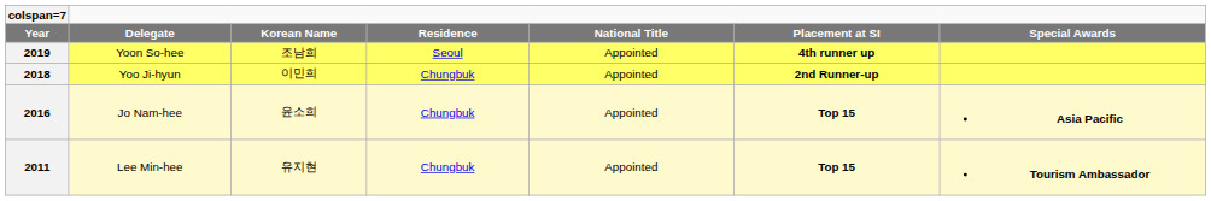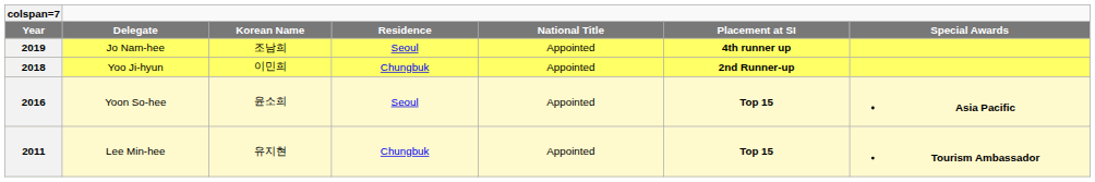 <table class="wikitable sortable" style="font-size: 85%; text-align:center">
 <tr>
 <th>colspan=7 </th>
 </tr>
 <tr>
 <th width="60" style="background-color:#787878;color:#FFFFFF;">Year</th>
 <th width="180" style="background-color:#787878;color:#FFFFFF;">Delegate</th>
 <th width="150" style="background-color:#787878;color:#FFFFFF;">Korean Name</th>
 <th width="180" style="background-color:#787878;color:#FFFFFF;">Residence</th>
 <th width="230" style="background-color:#787878;color:#FFFFFF;">National Title</th>
 <th width="230" style="background-color:#787878;color:#FFFFFF;">Placement at SI</th>
 <th width="300" style="background-color:#787878;color:#FFFFFF;">Special Awards</th>
 </tr>
 <tr style="background-color:#FFFF66;">
 <th>2019</th>
-<td>Yoon So-hee</td>
+<td>Jo Nam-hee</td>
 <td>조남희</td>
 <td><a href='#'>Seoul</a></td>
 <td>Appointed</td>
 <td><strong>4th runner up</strong></td>
 <td></td>
 </tr>
 <tr style="background-color:#FFFF66;">
 <th>2018</th>
 <td>Yoo Ji-hyun</td>
 <td>이민희</td>
 <td><a href='#'>Chungbuk</a></td>
 <td>Appointed</td>
 <td><strong>2nd Runner-up</strong></td>
 <td></td>
 </tr>
 <tr style="background-color:#FFFACD;">
 <th>2016</th>
-<td>Jo Nam-hee</td>
+<td>Yoon So-hee</td>
 <td>윤소희</td>
-<td><a href='#'>Chungbuk</a></td>
+<td><a href='#'>Seoul</a></td>
 <td>Appointed</td>
 <td><strong>Top 15</strong></td>
 <td><br><ul><li><strong>Asia Pacific</strong></li></ul></td>
 </tr>
 <tr style="background-color:#FFFACD;">
 <th>2011</th>
 <td>Lee Min-hee</td>
 <td>유지현</td>
 <td><a href='#'>Chungbuk</a></td>
 <td>Appointed</td>
 <td><strong>Top 15</strong></td>
 <td><br><ul><li><strong>Tourism Ambassador</strong></li></ul></td>
 </tr>
 </table>
